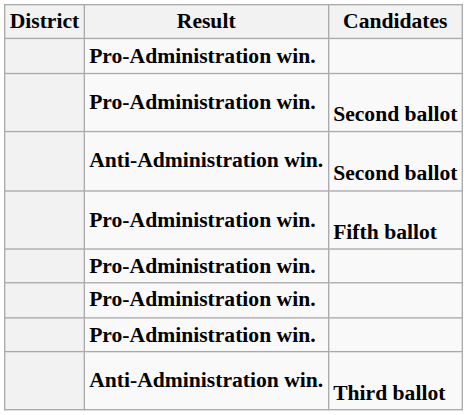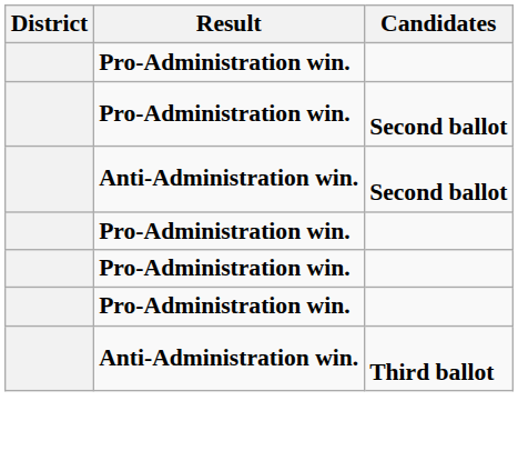 <table class=wikitable>
 <tr valign=bottom>
 <th>District</th>
 <th>Result</th>
 <th>Candidates</th>
 </tr>
 <tr>
 <th></th>
 <td><strong>Pro-Administration win.</strong></td>
 <td nowrap></td>
 </tr>
 <tr>
 <th></th>
 <td><strong>Pro-Administration win.</strong></td>
 <td nowrap><br><strong>Second ballot </strong><br></td>
 </tr>
 <tr>
 <th></th>
 <td><strong>Anti-Administration win.</strong></td>
 <td nowrap><br><strong>Second ballot </strong><br></td>
 </tr>
 <tr>
 <th></th>
 <td><strong>Pro-Administration win.</strong></td>
-<td nowrap><br>   <strong>Fifth ballot </strong><br></td>
-</tr>
-<tr>
-<th></th>
-<td><strong>Pro-Administration win.</strong></td>
 <td nowrap></td>
 </tr>
 <tr>
 <th></th>
 <td><strong>Pro-Administration win.</strong></td>
 <td nowrap></td>
 </tr>
 <tr>
 <th></th>
 <td><strong>Pro-Administration win.</strong></td>
 <td nowrap></td>
 </tr>
 <tr>
 <th></th>
 <td><strong>Anti-Administration win.</strong></td>
 <td nowrap><br> <strong>Third ballot </strong><br></td>
 </tr>
 </table>
